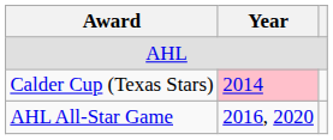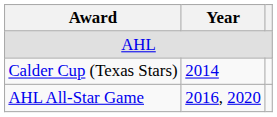 <table class="wikitable">
 <tr>
 <th>Award</th>
 <th>Year</th>
 <th></th>
 </tr>
 <tr ALIGN="center" bgcolor="#e0e0e0">
 <td colspan="3"><a href='#'>AHL</a></td>
 </tr>
 <tr>
 <td><a href='#'>Calder Cup</a> (Texas Stars)</td>
-<td style="background: pink;"><a href='#'>2014</a></td>
+<td><a href='#'>2014</a></td>
 <td></td>
 </tr>
 <tr>
 <td><a href='#'>AHL All-Star Game</a></td>
 <td><a href='#'>2016</a>, <a href='#'>2020</a></td>
 <td></td>
 </tr>
 </table>
